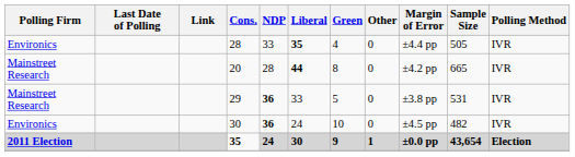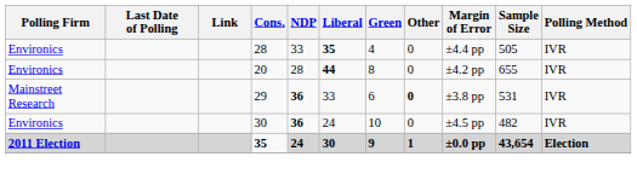 <table class="wikitable sortable">
 <tr style="background:#e9e9e9;">
 <th style="width:120px">Polling Firm</th>
 <th style="width:110px">Last Date<br>of Polling</th>
 <th style="width:60px" class="unsortable">Link</th>
 <th style="background-color:"><strong><a href='#'>Cons.</a></strong></th>
 <th style="background-color:"><strong><a href='#'>NDP</a></strong></th>
 <th style="background-color:"><strong><a href='#'>Liberal</a></strong></th>
 <th style="background-color:"><strong><a href='#'>Green</a></strong></th>
 <th style="background-color:"><strong>Other</strong></th>
 <th style="width:60px;" class=unsortable>Margin<br>of Error</th>
 <th style="width:50px;" class=unsortable>Sample<br>Size</th>
 <th class=unsortable>Polling Method</th>
 </tr>
 <tr>
 <td><a href='#'>Environics</a></td>
 <td></td>
 <td></td>
 <td>28</td>
 <td>33</td>
 <td><strong>35</strong></td>
 <td>4</td>
 <td>0</td>
 <td>±4.4 pp</td>
 <td>505</td>
 <td>IVR</td>
 </tr>
 <tr>
-<td><a href='#'>Mainstreet Research</a></td>
+<td><a href='#'>Environics</a></td>
 <td></td>
 <td></td>
 <td>20</td>
 <td>28</td>
 <td><strong>44</strong></td>
 <td>8</td>
 <td>0</td>
 <td>±4.2 pp</td>
-<td>665</td>
+<td>655</td>
 <td>IVR</td>
 </tr>
 <tr>
 <td><a href='#'>Mainstreet Research</a></td>
 <td></td>
 <td></td>
 <td>29</td>
 <td><strong>36</strong></td>
 <td>33</td>
-<td>5</td>
-<td>0</td>
+<td>6</td>
+<td><strong>0</strong></td>
 <td>±3.8 pp</td>
 <td>531</td>
 <td>IVR</td>
 </tr>
 <tr>
 <td><a href='#'>Environics</a></td>
 <td></td>
 <td></td>
 <td>30</td>
 <td><strong>36</strong></td>
 <td>24</td>
 <td>10</td>
 <td>0</td>
 <td>±4.5 pp</td>
 <td>482</td>
 <td>IVR</td>
 </tr>
 <tr>
 <td style="background:#D5D5D5"><strong><a href='#'>2011 Election</a></strong></td>
 <td style="background:#D5D5D5"><strong></strong></td>
 <td style="background:#D5D5D5"></td>
 <td><strong>35</strong></td>
 <td style="background:#D5D5D5"><strong>24</strong></td>
 <td style="background:#D5D5D5"><strong>30</strong></td>
 <td style="background:#D5D5D5"><strong>9</strong></td>
 <td style="background:#D5D5D5"><strong>1</strong></td>
 <td style="background:#D5D5D5"><strong>±0.0 pp</strong></td>
 <td style="background:#D5D5D5"><strong>43,654</strong></td>
 <td style="background:#D5D5D5"><strong>Election</strong></td>
 </tr>
 <tr>
 </tr>
 <tr>
 </tr>
 </table>
